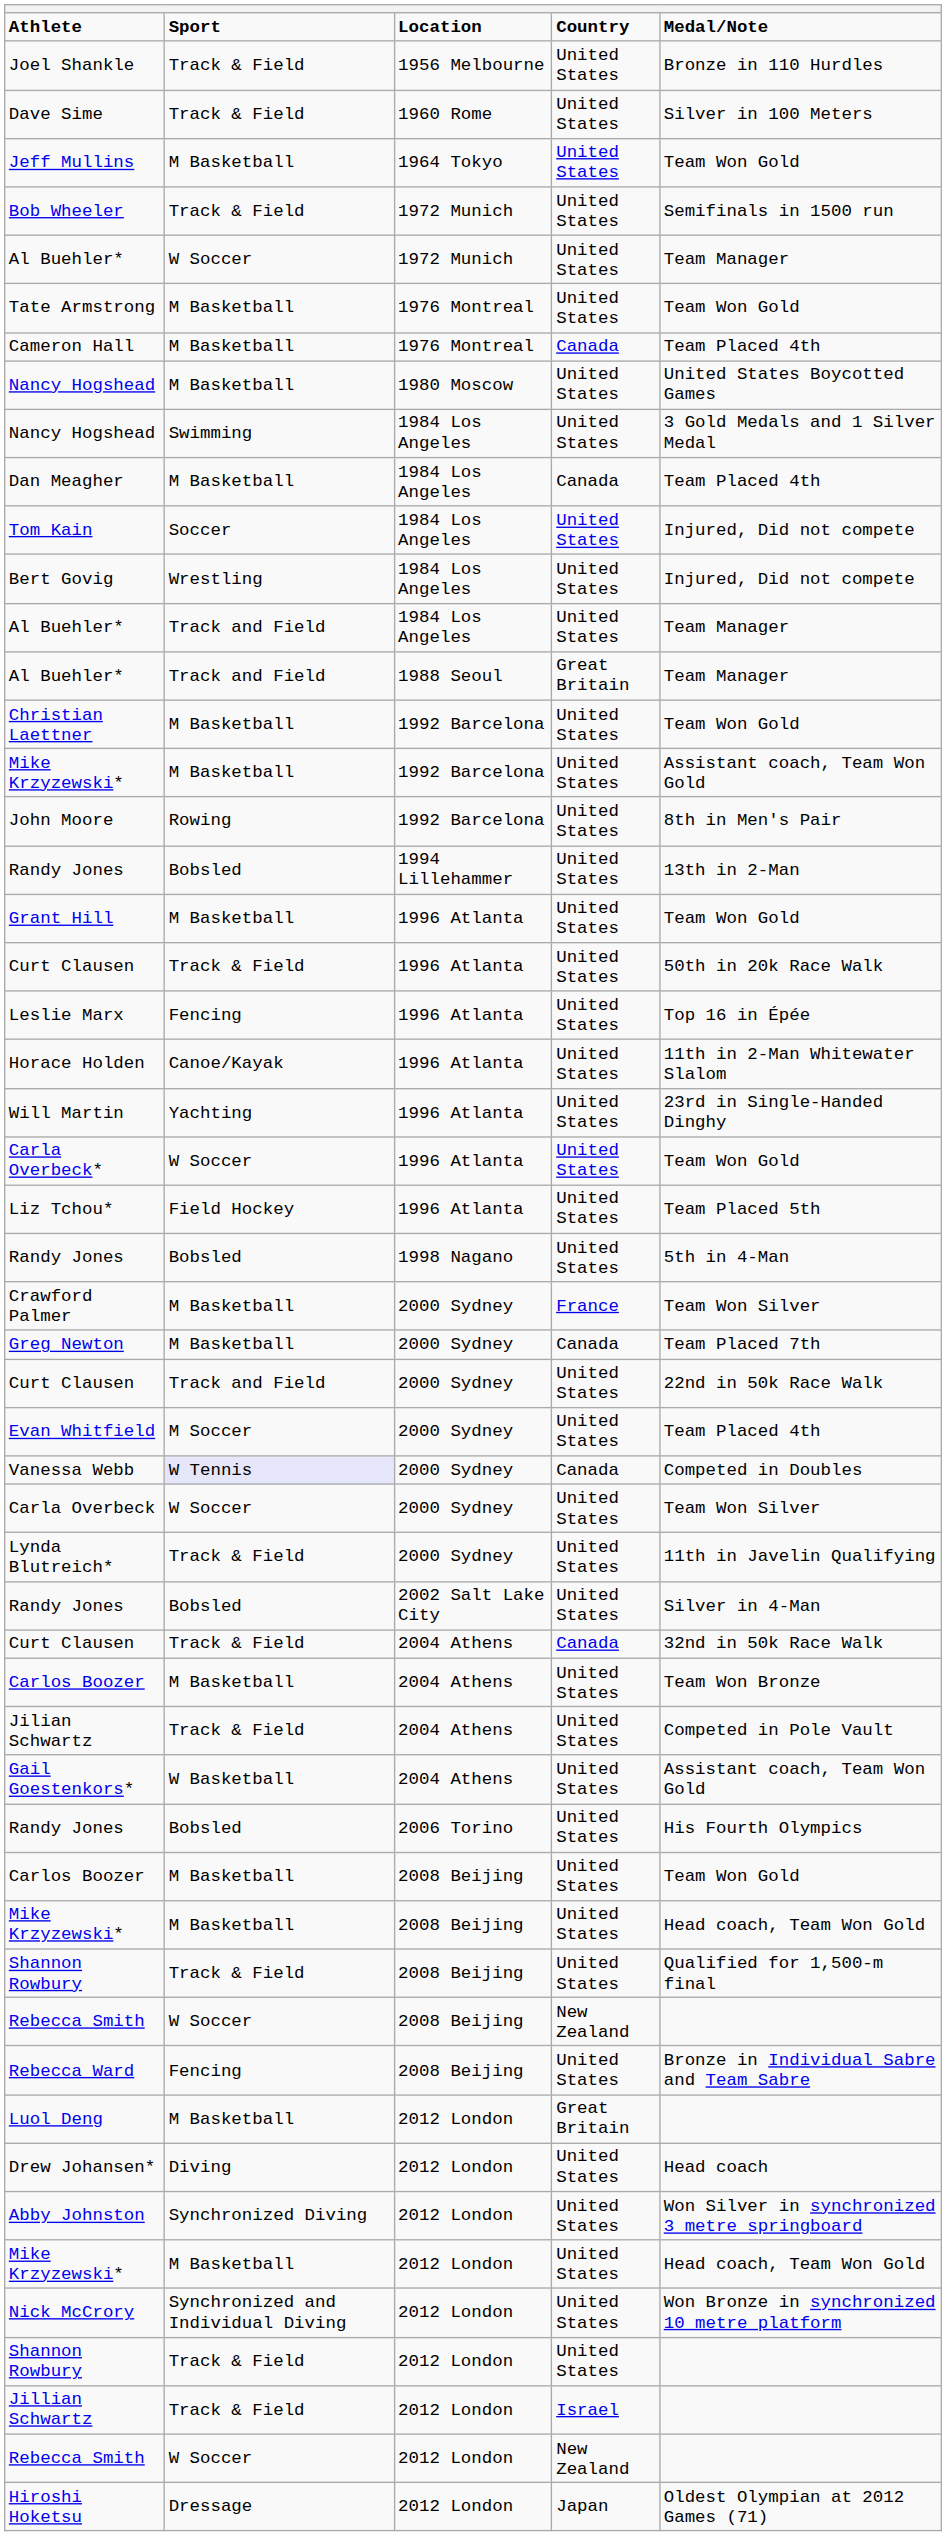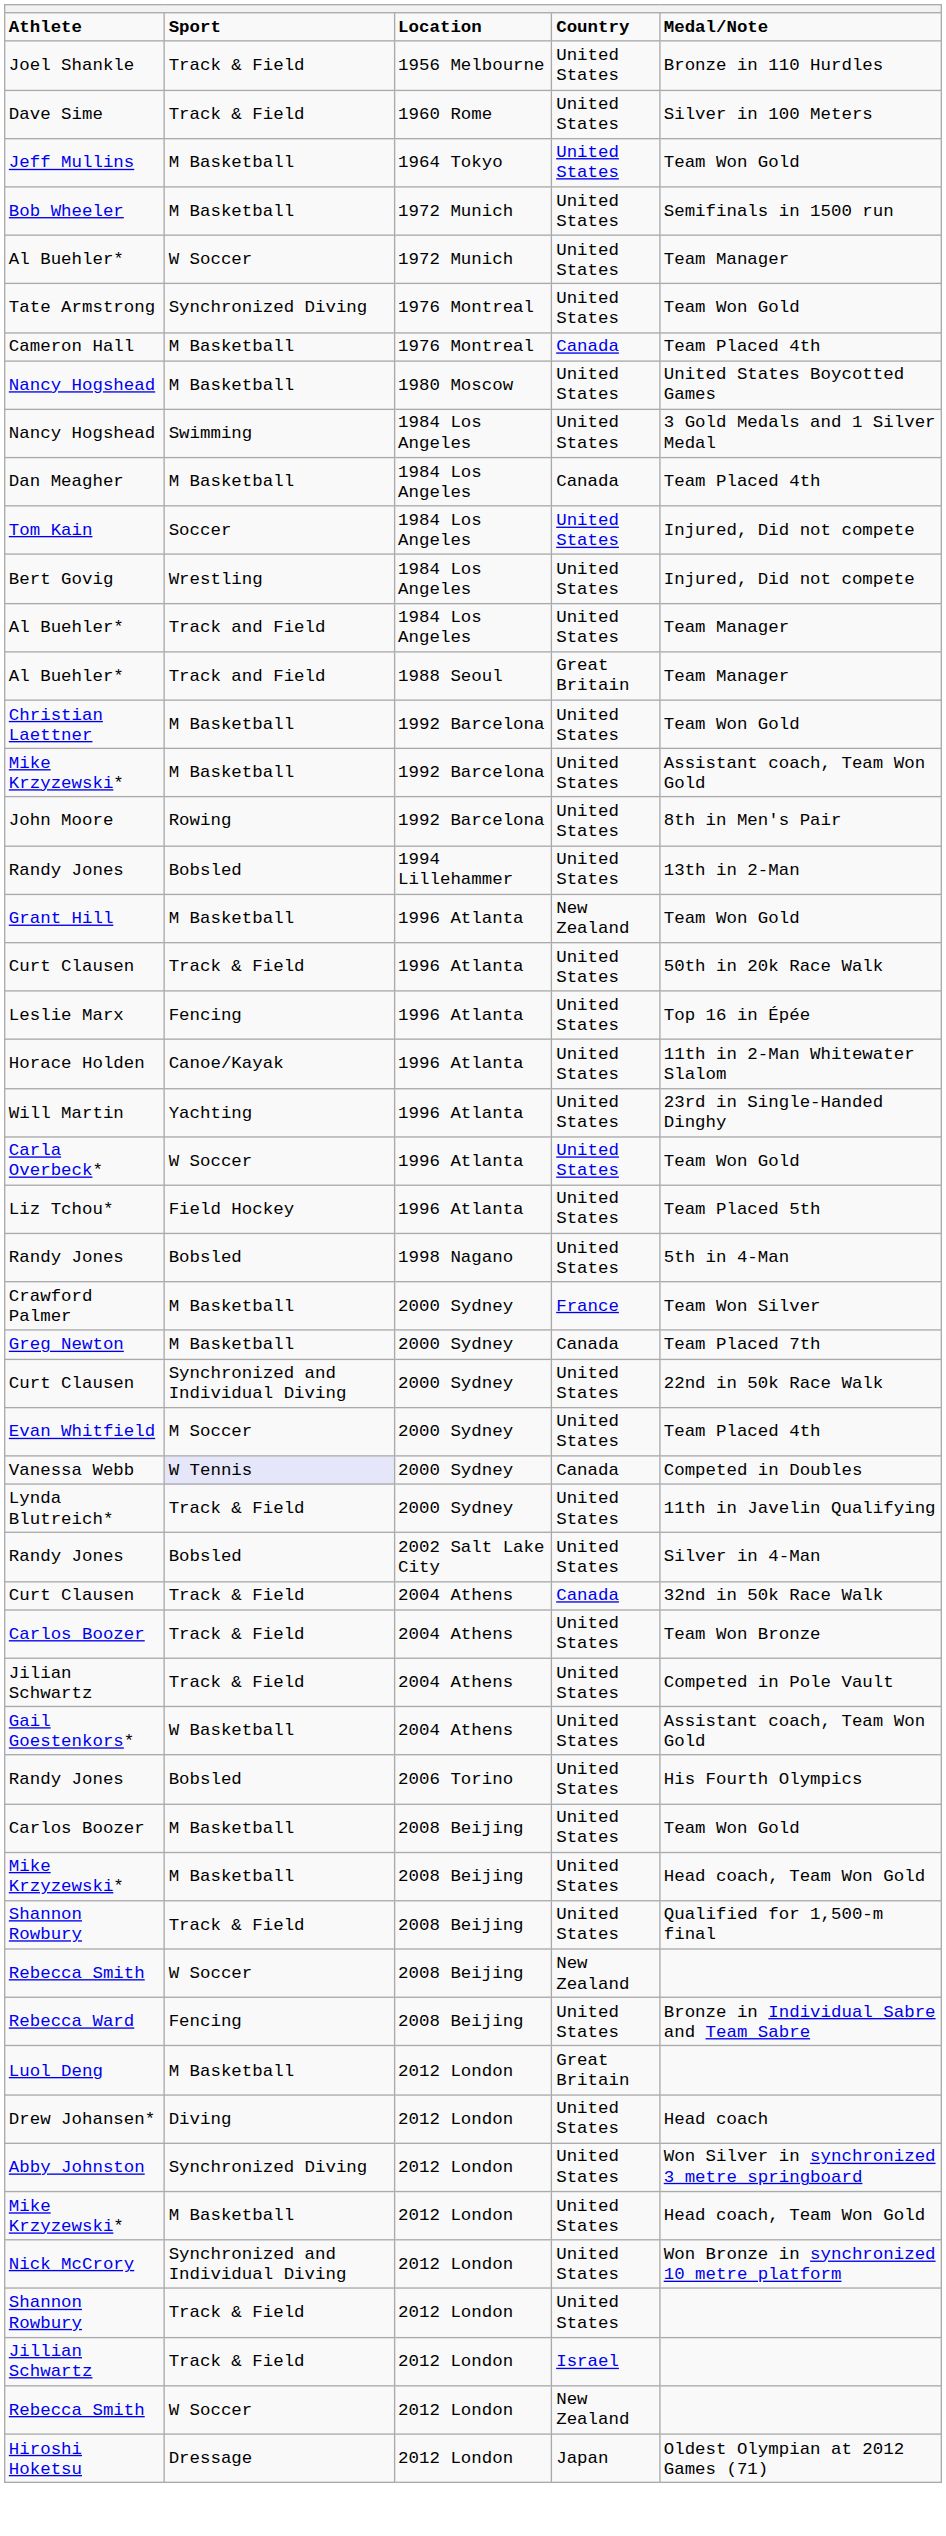 <table class="wikitable" style="float: center; margin-right: 1em;" width="700px">
 <tr>
 <th colspan="5" style="text-align: center; "></th>
 </tr>
 <tr>
 <td><strong>Athlete</strong></td>
 <td><strong>Sport</strong></td>
 <td><strong>Location</strong></td>
 <td><strong>Country</strong></td>
 <td><strong>Medal/Note</strong></td>
 </tr>
 <tr>
 <td>Joel Shankle</td>
 <td>Track & Field</td>
 <td>1956 Melbourne</td>
 <td>United States</td>
 <td>Bronze in 110 Hurdles</td>
 </tr>
 <tr>
 <td>Dave Sime</td>
 <td>Track & Field</td>
 <td>1960 Rome</td>
 <td>United States</td>
 <td>Silver in 100 Meters</td>
 </tr>
 <tr>
 <td><a href='#'>Jeff Mullins</a></td>
 <td>M Basketball</td>
 <td>1964 Tokyo</td>
 <td><a href='#'>United States</a></td>
 <td>Team Won Gold</td>
 </tr>
 <tr>
 <td><a href='#'>Bob Wheeler</a></td>
-<td>Track & Field</td>
+<td>M Basketball</td>
 <td>1972 Munich</td>
 <td>United States</td>
 <td>Semifinals in 1500 run</td>
 </tr>
 <tr>
 <td>Al Buehler*</td>
 <td>W Soccer</td>
 <td>1972 Munich</td>
 <td>United States</td>
 <td>Team Manager</td>
 </tr>
 <tr>
 <td>Tate Armstrong</td>
-<td>M Basketball</td>
+<td>Synchronized Diving</td>
 <td>1976 Montreal</td>
 <td>United States</td>
 <td>Team Won Gold</td>
 </tr>
 <tr>
 <td>Cameron Hall</td>
 <td>M Basketball</td>
 <td>1976 Montreal</td>
 <td><a href='#'>Canada</a></td>
 <td>Team Placed 4th</td>
 </tr>
 <tr>
 <td><a href='#'>Nancy Hogshead</a></td>
 <td>M Basketball</td>
 <td>1980 Moscow</td>
 <td>United States</td>
 <td>United States Boycotted Games</td>
 </tr>
 <tr>
 <td>Nancy Hogshead</td>
 <td>Swimming</td>
 <td>1984 Los Angeles</td>
 <td>United States</td>
 <td>3 Gold Medals and 1 Silver Medal</td>
 </tr>
 <tr>
 <td>Dan Meagher</td>
 <td>M Basketball</td>
 <td>1984 Los Angeles</td>
 <td>Canada</td>
 <td>Team Placed 4th</td>
 </tr>
 <tr>
 <td><a href='#'>Tom Kain</a></td>
 <td>Soccer</td>
 <td>1984 Los Angeles</td>
 <td><a href='#'>United States</a></td>
 <td>Injured, Did not compete</td>
 </tr>
 <tr>
 <td>Bert Govig</td>
 <td>Wrestling</td>
 <td>1984 Los Angeles</td>
 <td>United States</td>
 <td>Injured, Did not compete</td>
 </tr>
 <tr>
 <td>Al Buehler*</td>
 <td>Track and Field</td>
 <td>1984 Los Angeles</td>
 <td>United States</td>
 <td>Team Manager</td>
 </tr>
 <tr>
 <td>Al Buehler*</td>
 <td>Track and Field</td>
 <td>1988 Seoul</td>
 <td>Great Britain</td>
 <td>Team Manager</td>
 </tr>
 <tr>
 <td><a href='#'>Christian Laettner</a></td>
 <td>M Basketball</td>
 <td>1992 Barcelona</td>
 <td>United States</td>
 <td>Team Won Gold</td>
 </tr>
 <tr>
 <td><a href='#'>Mike Krzyzewski</a>*</td>
 <td>M Basketball</td>
 <td>1992 Barcelona</td>
 <td>United States</td>
 <td>Assistant coach, Team Won Gold</td>
 </tr>
 <tr>
 <td>John Moore</td>
 <td>Rowing</td>
 <td>1992 Barcelona</td>
 <td>United States</td>
 <td>8th in Men's Pair</td>
 </tr>
 <tr>
 <td>Randy Jones</td>
 <td>Bobsled</td>
 <td>1994 Lillehammer</td>
 <td>United States</td>
 <td>13th in 2-Man</td>
 </tr>
 <tr>
 <td><a href='#'>Grant Hill</a></td>
 <td>M Basketball</td>
 <td>1996 Atlanta</td>
-<td>United States</td>
+<td>New Zealand</td>
 <td>Team Won Gold</td>
 </tr>
 <tr>
 <td>Curt Clausen</td>
 <td>Track & Field</td>
 <td>1996 Atlanta</td>
 <td>United States</td>
 <td>50th in 20k Race Walk</td>
 </tr>
 <tr>
 <td>Leslie Marx</td>
 <td>Fencing</td>
 <td>1996 Atlanta</td>
 <td>United States</td>
 <td>Top 16 in Épée</td>
 </tr>
 <tr>
 <td>Horace Holden</td>
 <td>Canoe/Kayak</td>
 <td>1996 Atlanta</td>
 <td>United States</td>
 <td>11th in 2-Man Whitewater Slalom</td>
 </tr>
 <tr>
 <td>Will Martin</td>
 <td>Yachting</td>
 <td>1996 Atlanta</td>
 <td>United States</td>
 <td>23rd in Single-Handed Dinghy</td>
 </tr>
 <tr>
 <td><a href='#'>Carla Overbeck</a>*</td>
 <td>W Soccer</td>
 <td>1996 Atlanta</td>
 <td><a href='#'>United States</a></td>
 <td>Team Won Gold</td>
 </tr>
 <tr>
 <td>Liz Tchou*</td>
 <td>Field Hockey</td>
 <td>1996 Atlanta</td>
 <td>United States</td>
 <td>Team Placed 5th</td>
 </tr>
 <tr>
 <td>Randy Jones</td>
 <td>Bobsled</td>
 <td>1998 Nagano</td>
 <td>United States</td>
 <td>5th in 4-Man</td>
 </tr>
 <tr>
 <td>Crawford Palmer</td>
 <td>M Basketball</td>
 <td>2000 Sydney</td>
 <td><a href='#'>France</a></td>
 <td>Team Won Silver</td>
 </tr>
 <tr>
 <td><a href='#'>Greg Newton</a></td>
 <td>M Basketball</td>
 <td>2000 Sydney</td>
 <td>Canada</td>
 <td>Team Placed 7th</td>
 </tr>
 <tr>
 <td>Curt Clausen</td>
-<td>Track and Field</td>
+<td>Synchronized and Individual Diving</td>
 <td>2000 Sydney</td>
 <td>United States</td>
 <td>22nd in 50k Race Walk</td>
 </tr>
 <tr>
 <td><a href='#'>Evan Whitfield</a></td>
 <td>M Soccer</td>
 <td>2000 Sydney</td>
 <td>United States</td>
 <td>Team Placed 4th</td>
 </tr>
 <tr>
 <td>Vanessa Webb</td>
 <td style="background: lavender;">W Tennis</td>
 <td>2000 Sydney</td>
 <td>Canada</td>
 <td>Competed in Doubles</td>
-</tr>
-<tr>
-<td>Carla Overbeck</td>
-<td>W Soccer</td>
-<td>2000 Sydney</td>
-<td>United States</td>
-<td>Team Won Silver</td>
 </tr>
 <tr>
 <td>Lynda Blutreich*</td>
 <td>Track & Field</td>
 <td>2000 Sydney</td>
 <td>United States</td>
 <td>11th in Javelin Qualifying</td>
 </tr>
 <tr>
 <td>Randy Jones</td>
 <td>Bobsled</td>
 <td>2002 Salt Lake City</td>
 <td>United States</td>
 <td>Silver in 4-Man</td>
 </tr>
 <tr>
 <td>Curt Clausen</td>
 <td>Track & Field</td>
 <td>2004 Athens</td>
 <td><a href='#'>Canada</a></td>
 <td>32nd in 50k Race Walk</td>
 </tr>
 <tr>
 <td><a href='#'>Carlos Boozer</a></td>
-<td>M Basketball</td>
+<td>Track & Field</td>
 <td>2004 Athens</td>
 <td>United States</td>
 <td>Team Won Bronze</td>
 </tr>
 <tr>
 <td>Jilian Schwartz</td>
 <td>Track & Field</td>
 <td>2004 Athens</td>
 <td>United States</td>
 <td>Competed in Pole Vault</td>
 </tr>
 <tr>
 <td><a href='#'>Gail Goestenkors</a>*</td>
 <td>W Basketball</td>
 <td>2004 Athens</td>
 <td>United States</td>
 <td>Assistant coach, Team Won Gold</td>
 </tr>
 <tr>
 <td>Randy Jones</td>
 <td>Bobsled</td>
 <td>2006 Torino</td>
 <td>United States</td>
 <td>His Fourth Olympics</td>
 </tr>
 <tr>
 <td>Carlos Boozer</td>
 <td>M Basketball</td>
 <td>2008 Beijing</td>
 <td>United States</td>
 <td>Team Won Gold</td>
 </tr>
 <tr>
 <td><a href='#'>Mike Krzyzewski</a>*</td>
 <td>M Basketball</td>
 <td>2008 Beijing</td>
 <td>United States</td>
 <td>Head coach, Team Won Gold</td>
 </tr>
 <tr>
 <td><a href='#'>Shannon Rowbury</a></td>
 <td>Track & Field</td>
 <td>2008 Beijing</td>
 <td>United States</td>
 <td>Qualified for 1,500-m final</td>
 </tr>
 <tr>
 <td><a href='#'>Rebecca Smith</a></td>
 <td>W Soccer</td>
 <td>2008 Beijing</td>
 <td>New Zealand</td>
 <td></td>
 </tr>
 <tr>
 <td><a href='#'>Rebecca Ward</a></td>
 <td>Fencing</td>
 <td>2008 Beijing</td>
 <td>United States</td>
 <td>Bronze in <a href='#'>Individual Sabre</a> and <a href='#'>Team Sabre</a></td>
 </tr>
 <tr>
 <td><a href='#'>Luol Deng</a></td>
 <td>M Basketball</td>
 <td>2012 London</td>
 <td>Great Britain</td>
 <td></td>
 </tr>
 <tr>
 <td>Drew Johansen*</td>
 <td>Diving</td>
 <td>2012 London</td>
 <td>United States</td>
 <td>Head coach</td>
 </tr>
 <tr>
 <td><a href='#'>Abby Johnston</a></td>
 <td>Synchronized Diving</td>
 <td>2012 London</td>
 <td>United States</td>
 <td>Won Silver in <a href='#'>synchronized 3 metre springboard</a></td>
 </tr>
 <tr>
 <td><a href='#'>Mike Krzyzewski</a>*</td>
 <td>M Basketball</td>
 <td>2012 London</td>
 <td>United States</td>
 <td>Head coach, Team Won Gold</td>
 </tr>
 <tr>
 <td><a href='#'>Nick McCrory</a></td>
 <td>Synchronized and Individual Diving</td>
 <td>2012 London</td>
 <td>United States</td>
 <td>Won Bronze in <a href='#'>synchronized 10 metre platform</a></td>
 </tr>
 <tr>
 <td><a href='#'>Shannon Rowbury</a></td>
 <td>Track & Field</td>
 <td>2012 London</td>
 <td>United States</td>
 <td></td>
 </tr>
 <tr>
 <td><a href='#'>Jillian Schwartz</a></td>
 <td>Track & Field</td>
 <td>2012 London</td>
 <td><a href='#'>Israel</a></td>
 <td></td>
 </tr>
 <tr>
 <td><a href='#'>Rebecca Smith</a></td>
 <td>W Soccer</td>
 <td>2012 London</td>
 <td>New Zealand</td>
 <td></td>
 </tr>
 <tr>
 <td><a href='#'>Hiroshi Hoketsu</a></td>
 <td>Dressage</td>
 <td>2012 London</td>
 <td>Japan</td>
 <td>Oldest Olympian at 2012 Games (71)</td>
 </tr>
 </table>
